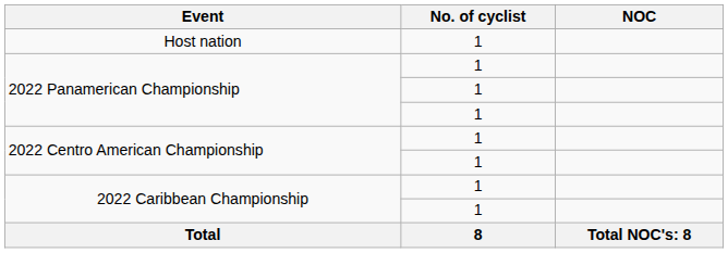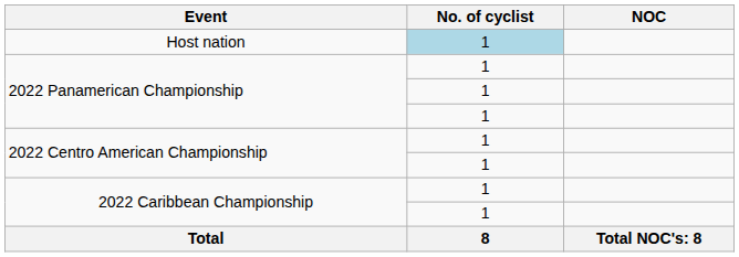 <table class="wikitable" style="width:750px; text-align:center;">
 <tr>
 <th>Event</th>
 <th>No. of cyclist</th>
 <th>NOC</th>
 </tr>
 <tr>
 <td>Host nation</td>
-<td>1</td>
+<td style="background: lightblue;">1</td>
 <td></td>
 </tr>
 <tr>
 <td rowspan="3" align="left">2022 Panamerican Championship</td>
 <td>1</td>
 <td align="left"></td>
 </tr>
 <tr>
 <td>1</td>
 <td align="left"></td>
 </tr>
 <tr>
 <td>1</td>
 <td align="left"></td>
 </tr>
 <tr>
 <td rowspan="2" align="left">2022 Centro American Championship</td>
 <td>1</td>
 <td align="left"></td>
 </tr>
 <tr>
 <td>1</td>
 <td></td>
 </tr>
 <tr>
 <td rowspan="2">2022 Caribbean Championship</td>
 <td>1</td>
 <td></td>
 </tr>
 <tr>
 <td>1</td>
 <td></td>
 </tr>
 <tr>
 <th>Total</th>
 <th>8</th>
 <th>Total NOC's: 8</th>
 </tr>
 </table>
